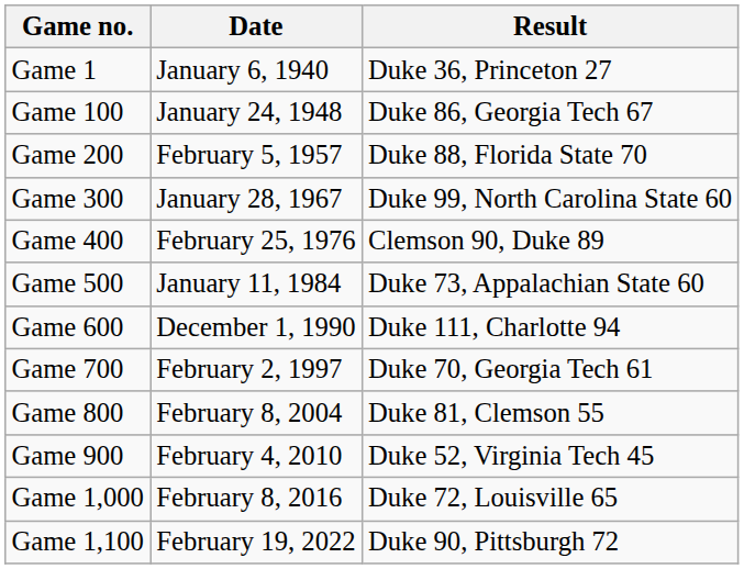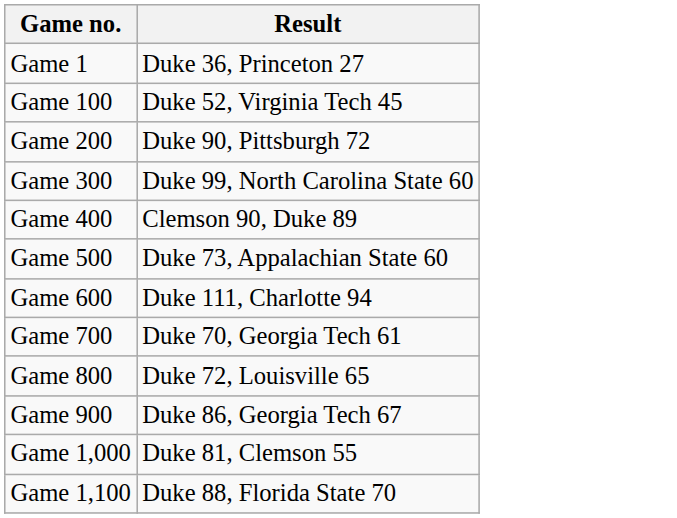 <table class="wikitable">
 <tr>
 <th>Game no.</th>
-<th>Date</th>
 <th>Result</th>
 </tr>
 <tr>
 <td>Game 1</td>
-<td>January 6, 1940</td>
 <td>Duke 36, Princeton 27</td>
 </tr>
 <tr>
 <td>Game 100</td>
-<td>January 24, 1948</td>
-<td>Duke 86, Georgia Tech 67</td>
+<td>Duke 52, Virginia Tech 45</td>
 </tr>
 <tr>
 <td>Game 200</td>
-<td>February 5, 1957</td>
-<td>Duke 88, Florida State 70</td>
+<td>Duke 90, Pittsburgh 72</td>
 </tr>
 <tr>
 <td>Game 300</td>
-<td>January 28, 1967</td>
 <td>Duke 99, North Carolina State 60</td>
 </tr>
 <tr>
 <td>Game 400</td>
-<td>February 25, 1976</td>
 <td>Clemson 90, Duke 89</td>
 </tr>
 <tr>
 <td>Game 500</td>
-<td>January 11, 1984</td>
 <td>Duke 73, Appalachian State 60</td>
 </tr>
 <tr>
 <td>Game 600</td>
-<td>December 1, 1990</td>
 <td>Duke 111, Charlotte 94</td>
 </tr>
 <tr>
 <td>Game 700</td>
-<td>February 2, 1997</td>
 <td>Duke 70, Georgia Tech 61</td>
 </tr>
 <tr>
 <td>Game 800</td>
-<td>February 8, 2004</td>
+<td>Duke 72, Louisville 65</td>
+</tr>
+<tr>
+<td>Game 900</td>
+<td>Duke 86, Georgia Tech 67</td>
+</tr>
+<tr>
+<td>Game 1,000</td>
 <td>Duke 81, Clemson 55</td>
 </tr>
 <tr>
-<td>Game 900</td>
-<td>February 4, 2010</td>
-<td>Duke 52, Virginia Tech 45</td>
-</tr>
-<tr>
-<td>Game 1,000</td>
-<td>February 8, 2016</td>
-<td>Duke 72, Louisville 65</td>
-</tr>
-<tr>
 <td>Game 1,100</td>
-<td>February 19, 2022</td>
-<td>Duke 90, Pittsburgh 72</td>
+<td>Duke 88, Florida State 70</td>
 </tr>
 </table>
